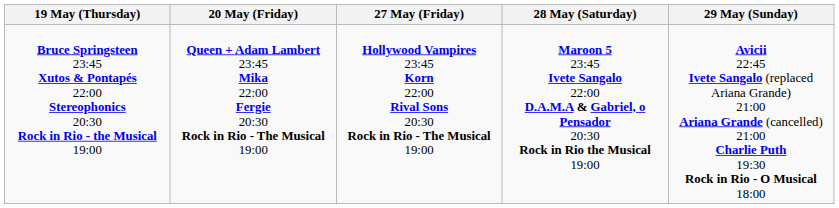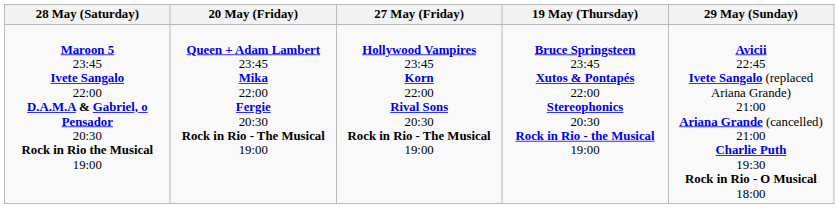 <table class="wikitable">
 <tr>
-<th>19 May (Thursday)</th>
+<th>28 May (Saturday)</th>
 <th>20 May (Friday)</th>
 <th>27 May (Friday)</th>
-<th>28 May (Saturday)</th>
+<th>19 May (Thursday)</th>
 <th>29 May (Sunday)</th>
 </tr>
 <tr>
-<td style="text-align:center; vertical-align:top; width:200px;"><br><strong><a href='#'>Bruce Springsteen</a></strong> <br> 23:45 <br> <strong><a href='#'>Xutos & Pontapés</a></strong> <br> 22:00 <br> <strong><a href='#'>Stereophonics</a></strong> <br> 20:30 <br> <strong><a href='#'>Rock in Rio - the Musical</a></strong> <br> 19:00</td>
+<td style="text-align:center; vertical-align:top; width:200px;"><br><strong><a href='#'>Maroon 5</a></strong> <br> 23:45 <br> <strong><a href='#'>Ivete Sangalo</a></strong> <br> 22:00 <br> <strong><a href='#'>D.A.M.A</a> & <a href='#'>Gabriel, o Pensador</a></strong> <br> 20:30 <br> <strong>Rock in Rio the Musical</strong> <br> 19:00</td>
 <td style="text-align:center; vertical-align:top; width:200px;"><br><strong><a href='#'>Queen + Adam Lambert</a></strong> <br> 23:45 <br> <strong><a href='#'>Mika</a></strong> <br> 22:00 <br> <strong><a href='#'>Fergie</a></strong> <br> 20:30 <br> <strong>Rock in Rio - The Musical</strong> <br> 19:00</td>
 <td style="text-align:center; vertical-align:top; width:200px;"><br><strong><a href='#'>Hollywood Vampires</a></strong> <br> 23:45 <br> <strong><a href='#'>Korn</a></strong> <br> 22:00 <br> <strong><a href='#'>Rival Sons</a></strong> <br> 20:30 <br> <strong>Rock in Rio - The Musical</strong> <br> 19:00</td>
-<td style="text-align:center; vertical-align:top; width:200px;"><br><strong><a href='#'>Maroon 5</a></strong> <br> 23:45 <br> <strong><a href='#'>Ivete Sangalo</a></strong> <br> 22:00 <br> <strong><a href='#'>D.A.M.A</a> & <a href='#'>Gabriel, o Pensador</a></strong> <br> 20:30 <br> <strong>Rock in Rio the Musical</strong> <br> 19:00</td>
+<td style="text-align:center; vertical-align:top; width:200px;"><br><strong><a href='#'>Bruce Springsteen</a></strong> <br> 23:45 <br> <strong><a href='#'>Xutos & Pontapés</a></strong> <br> 22:00 <br> <strong><a href='#'>Stereophonics</a></strong> <br> 20:30 <br> <strong><a href='#'>Rock in Rio - the Musical</a></strong> <br> 19:00</td>
 <td style="text-align:center; vertical-align:top; width:200px;"><br><strong><a href='#'>Avicii</a></strong> <br> 22:45 <br> <strong><a href='#'>Ivete Sangalo</a></strong> (replaced Ariana Grande) <br> 21:00 <br> <strong><a href='#'>Ariana Grande</a></strong> (cancelled) <br> 21:00 <br> <strong><a href='#'>Charlie Puth</a></strong> <br> 19:30 <br> <strong>Rock in Rio - O Musical</strong> <br> 18:00</td>
 </tr>
 </table>
